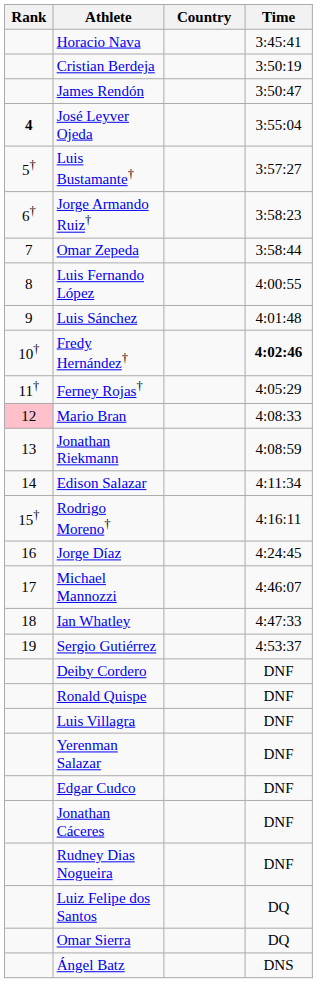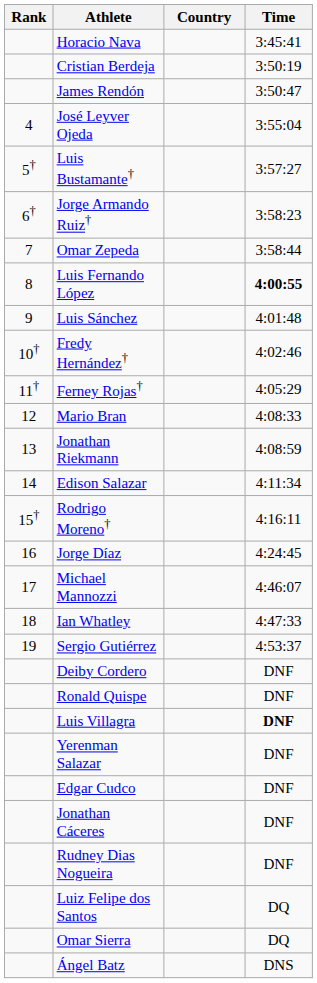 <table class="wikitable sortable" style=" text-align:center; font-size:95%;" width="50%">
 <tr>
 </tr>
 <tr>
 <th width=5%>Rank</th>
 <th width=20%>Athlete</th>
 <th width=15%>Country</th>
 <th width=10%>Time</th>
 </tr>
 <tr>
 <td align=center></td>
 <td align=left><a href='#'>Horacio Nava</a></td>
 <td align=left></td>
 <td>3:45:41</td>
 </tr>
 <tr>
 <td align=center></td>
 <td align=left><a href='#'>Cristian Berdeja</a></td>
 <td align=left></td>
 <td>3:50:19</td>
 </tr>
 <tr>
 <td align=center></td>
 <td align=left><a href='#'>James Rendón</a></td>
 <td align=left></td>
 <td>3:50:47</td>
 </tr>
 <tr>
-<td align=center><strong>4</strong></td>
+<td align=center>4</td>
 <td align=left><a href='#'>José Leyver Ojeda</a></td>
 <td align=left></td>
 <td>3:55:04</td>
 </tr>
 <tr>
 <td align=center>5<sup>†</sup></td>
 <td align=left><a href='#'>Luis Bustamante</a><sup>†</sup></td>
 <td align=left></td>
 <td>3:57:27</td>
 </tr>
 <tr>
 <td align=center>6<sup>†</sup></td>
 <td align=left><a href='#'>Jorge Armando Ruiz</a><sup>†</sup></td>
 <td align=left></td>
 <td>3:58:23</td>
 </tr>
 <tr>
 <td align=center>7</td>
 <td align=left><a href='#'>Omar Zepeda</a></td>
 <td align=left></td>
 <td>3:58:44</td>
 </tr>
 <tr>
 <td align=center>8</td>
 <td align=left><a href='#'>Luis Fernando López</a></td>
 <td align=left></td>
-<td>4:00:55</td>
+<td><strong>4:00:55</strong></td>
 </tr>
 <tr>
 <td align=center>9</td>
 <td align=left><a href='#'>Luis Sánchez</a></td>
 <td align=left></td>
 <td>4:01:48</td>
 </tr>
 <tr>
 <td align=center>10<sup>†</sup></td>
 <td align=left><a href='#'>Fredy Hernández</a><sup>†</sup></td>
 <td align=left></td>
-<td><strong>4:02:46</strong></td>
+<td>4:02:46</td>
 </tr>
 <tr>
 <td align=center>11<sup>†</sup></td>
 <td align=left><a href='#'>Ferney Rojas</a><sup>†</sup></td>
 <td align=left></td>
 <td>4:05:29</td>
 </tr>
 <tr>
-<td align=center style="background: pink;">12</td>
+<td align=center>12</td>
 <td align=left><a href='#'>Mario Bran</a></td>
 <td align=left></td>
 <td>4:08:33</td>
 </tr>
 <tr>
 <td align=center>13</td>
 <td align=left><a href='#'>Jonathan Riekmann</a></td>
 <td align=left></td>
 <td>4:08:59</td>
 </tr>
 <tr>
 <td align=center>14</td>
 <td align=left><a href='#'>Edison Salazar</a></td>
 <td align=left></td>
 <td>4:11:34</td>
 </tr>
 <tr>
 <td align=center>15<sup>†</sup></td>
 <td align=left><a href='#'>Rodrigo Moreno</a><sup>†</sup></td>
 <td align=left></td>
 <td>4:16:11</td>
 </tr>
 <tr>
 <td align=center>16</td>
 <td align=left><a href='#'>Jorge Díaz</a></td>
 <td align=left></td>
 <td>4:24:45</td>
 </tr>
 <tr>
 <td align=center>17</td>
 <td align=left><a href='#'>Michael Mannozzi</a></td>
 <td align=left></td>
 <td>4:46:07</td>
 </tr>
 <tr>
 <td align=center>18</td>
 <td align=left><a href='#'>Ian Whatley</a></td>
 <td align=left></td>
 <td>4:47:33</td>
 </tr>
 <tr>
 <td align=center>19</td>
 <td align=left><a href='#'>Sergio Gutiérrez</a></td>
 <td align=left></td>
 <td>4:53:37</td>
 </tr>
 <tr>
 <td align=center></td>
 <td align=left><a href='#'>Deiby Cordero</a></td>
 <td align=left></td>
 <td>DNF</td>
 </tr>
 <tr>
 <td align=center></td>
 <td align=left><a href='#'>Ronald Quispe</a></td>
 <td align=left></td>
 <td>DNF</td>
 </tr>
 <tr>
 <td align=center></td>
 <td align=left><a href='#'>Luis Villagra</a></td>
 <td align=left></td>
-<td>DNF</td>
+<td><strong>DNF</strong></td>
 </tr>
 <tr>
 <td align=center></td>
 <td align=left><a href='#'>Yerenman Salazar</a></td>
 <td align=left></td>
 <td>DNF</td>
 </tr>
 <tr>
 <td align=center></td>
 <td align=left><a href='#'>Edgar Cudco</a></td>
 <td align=left></td>
 <td>DNF</td>
 </tr>
 <tr>
 <td align=center></td>
 <td align=left><a href='#'>Jonathan Cáceres</a></td>
 <td align=left></td>
 <td>DNF</td>
 </tr>
 <tr>
 <td align=center></td>
 <td align=left><a href='#'>Rudney Dias Nogueira</a></td>
 <td align=left></td>
 <td>DNF</td>
 </tr>
 <tr>
 <td align=center></td>
 <td align=left><a href='#'>Luiz Felipe dos Santos</a></td>
 <td align=left></td>
 <td>DQ</td>
 </tr>
 <tr>
 <td align=center></td>
 <td align=left><a href='#'>Omar Sierra</a></td>
 <td align=left></td>
 <td>DQ</td>
 </tr>
 <tr>
 <td align=center></td>
 <td align=left><a href='#'>Ángel Batz</a></td>
 <td align=left></td>
 <td>DNS</td>
 </tr>
 </table>
